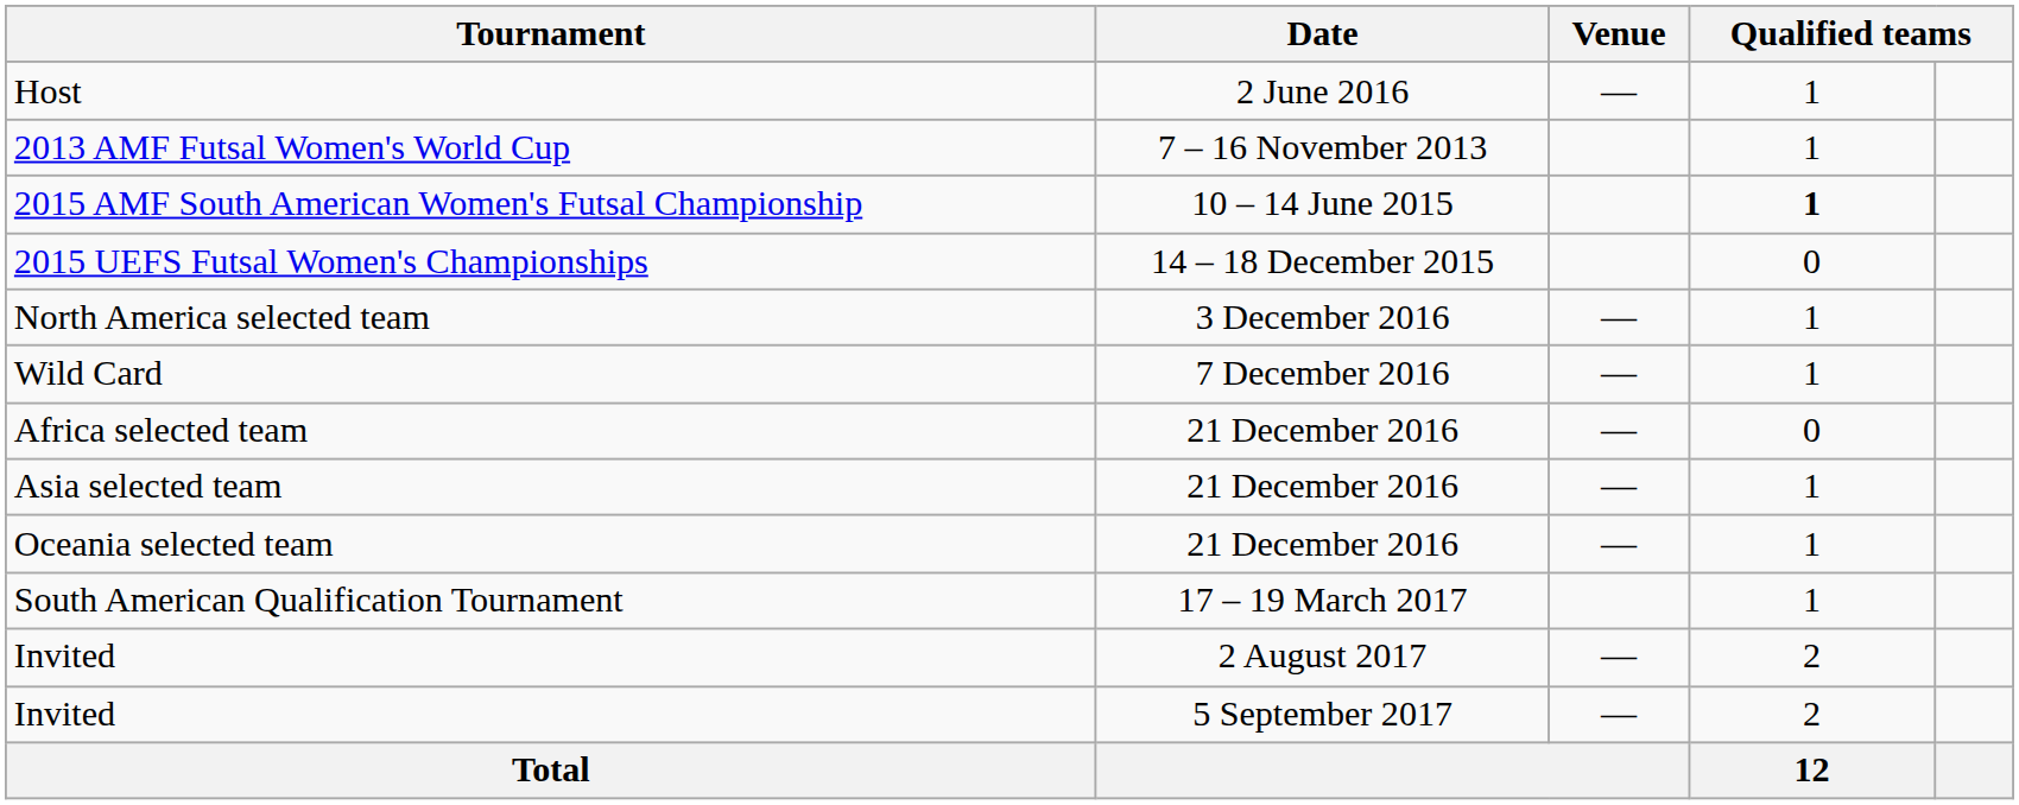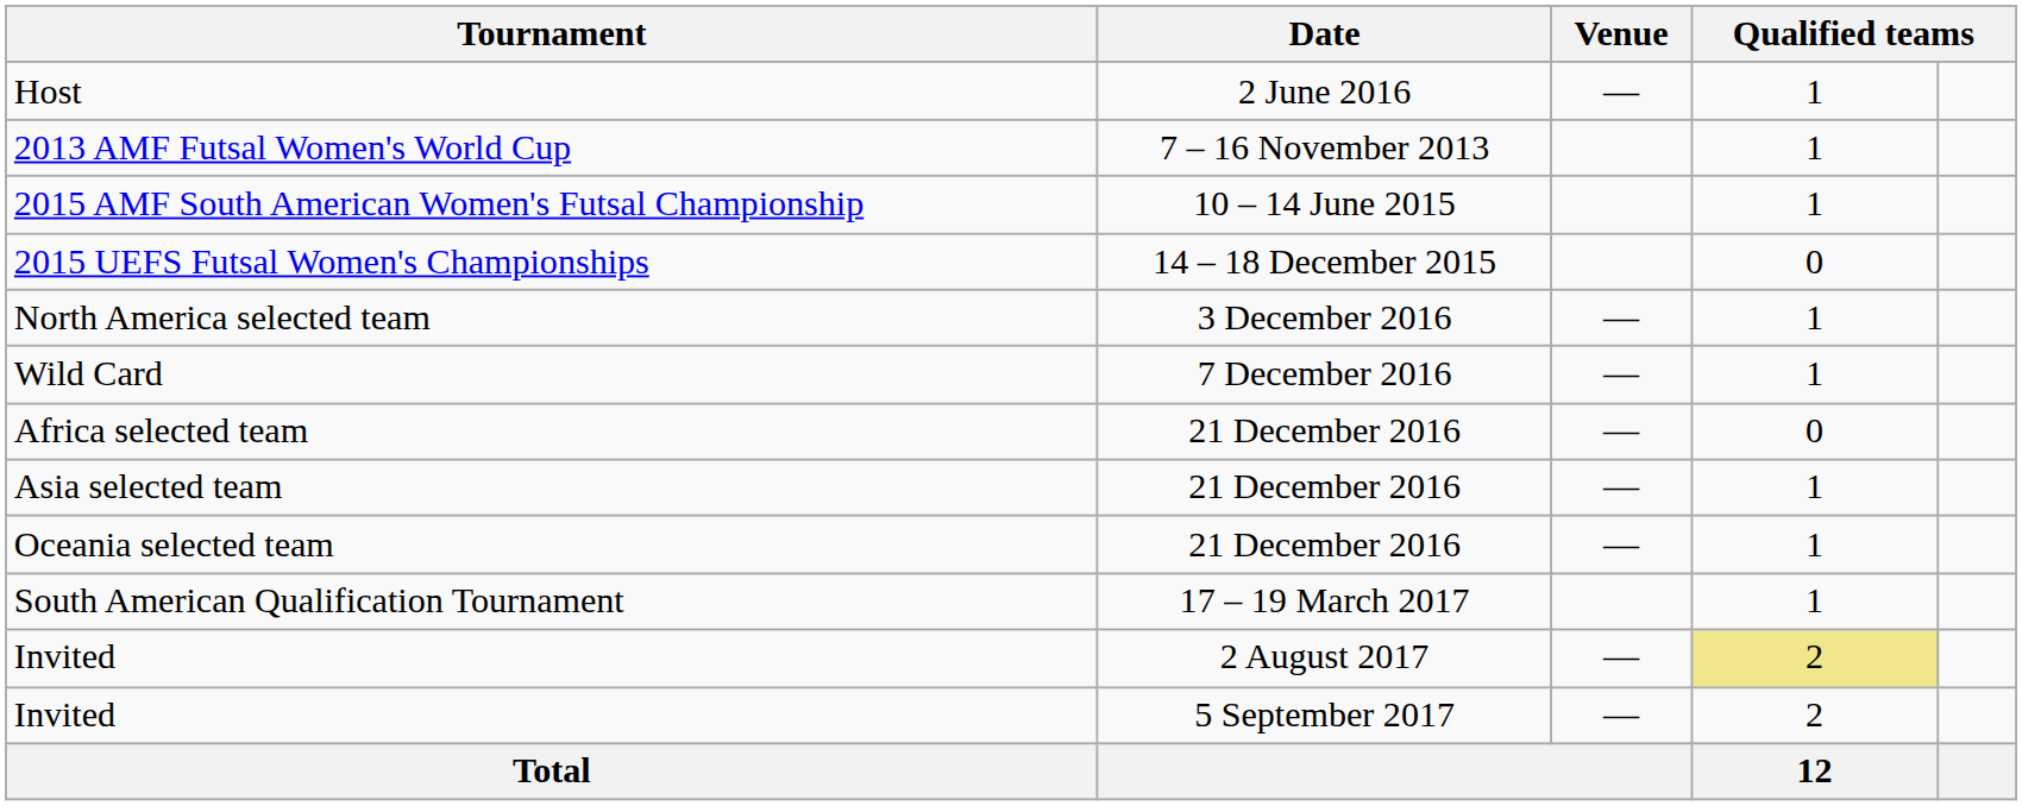 <table class="wikitable" width=900>
 <tr>
 <th>Tournament</th>
 <th>Date</th>
 <th>Venue</th>
 <th colspan="2">Qualified teams</th>
 </tr>
 <tr>
 <td>Host</td>
 <td align="center">2 June 2016</td>
 <td align="center">—</td>
 <td align="center">1</td>
 <td></td>
 </tr>
 <tr>
 <td><a href='#'>2013 AMF Futsal Women's World Cup</a></td>
 <td align="center">7 – 16 November 2013</td>
 <td></td>
 <td align="center">1</td>
 <td></td>
 </tr>
 <tr>
 <td><a href='#'>2015 AMF South American Women's Futsal Championship</a></td>
 <td align="center">10 – 14 June 2015</td>
 <td></td>
-<td align="center"><strong>1</strong></td>
+<td align="center">1</td>
 <td><s></s><br></td>
 </tr>
 <tr>
 <td><a href='#'>2015 UEFS Futsal Women's Championships</a></td>
 <td align="center">14 – 18 December 2015</td>
 <td></td>
 <td align="center">0</td>
 <td><s></s><br><s></s></td>
 </tr>
 <tr>
 <td>North America selected team</td>
 <td align="center">3 December 2016</td>
 <td align="center">—</td>
 <td align="center">1</td>
 <td></td>
 </tr>
 <tr>
 <td>Wild Card</td>
 <td align="center">7 December 2016</td>
 <td align="center">—</td>
 <td align="center">1</td>
 <td></td>
 </tr>
 <tr>
 <td>Africa selected team</td>
 <td align="center">21 December 2016</td>
 <td align="center">—</td>
 <td align="center">0</td>
 <td><s></s></td>
 </tr>
 <tr>
 <td>Asia selected team</td>
 <td align="center">21 December 2016</td>
 <td align="center">—</td>
 <td align="center">1</td>
 <td></td>
 </tr>
 <tr>
 <td>Oceania selected team</td>
 <td align="center">21 December 2016</td>
 <td align="center">—</td>
 <td align="center">1</td>
 <td></td>
 </tr>
 <tr>
 <td>South American Qualification Tournament</td>
 <td align="center">17 – 19 March 2017</td>
 <td></td>
 <td align="center">1</td>
 <td></td>
 </tr>
 <tr>
 <td>Invited</td>
 <td align="center">2 August 2017</td>
 <td align="center">—</td>
-<td align="center">2</td>
+<td align="center" style="background: khaki;">2</td>
 <td><br></td>
 </tr>
 <tr>
 <td>Invited</td>
 <td align="center">5 September 2017</td>
 <td align="center">—</td>
 <td align="center">2</td>
 <td><br></td>
 </tr>
 <tr>
 <th>Total</th>
 <th colspan="2"></th>
 <th>12</th>
 <th></th>
 </tr>
 </table>
